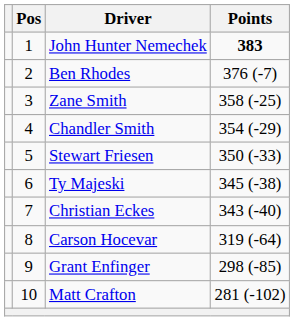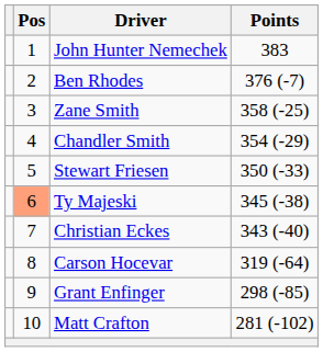 <table class="wikitable" style="font-size: 95%">
 <tr>
 <th></th>
 <th>Pos</th>
 <th>Driver</th>
 <th>Points</th>
 </tr>
 <tr>
 <td align="left"></td>
 <td style="text-align:center;">1</td>
 <td><a href='#'>John Hunter Nemechek</a></td>
-<td style="text-align:center;"><strong>383</strong></td>
+<td style="text-align:center;">383</td>
 </tr>
 <tr>
 <td align="left"></td>
 <td style="text-align:center;">2</td>
 <td><a href='#'>Ben Rhodes</a></td>
 <td style="text-align:center;">376 (-7)</td>
 </tr>
 <tr>
 <td align="left"></td>
 <td style="text-align:center;">3</td>
 <td><a href='#'>Zane Smith</a></td>
 <td style="text-align:center;">358 (-25)</td>
 </tr>
 <tr>
 <td align="left"></td>
 <td style="text-align:center;">4</td>
 <td><a href='#'>Chandler Smith</a></td>
 <td style="text-align:center;">354 (-29)</td>
 </tr>
 <tr>
 <td align="left"></td>
 <td style="text-align:center;">5</td>
 <td><a href='#'>Stewart Friesen</a></td>
 <td style="text-align:center;">350 (-33)</td>
 </tr>
 <tr>
 <td align="left"></td>
-<td style="text-align:center;">6</td>
+<td style="background: lightsalmon; text-align:center;">6</td>
 <td><a href='#'>Ty Majeski</a></td>
 <td style="text-align:center;">345 (-38)</td>
 </tr>
 <tr>
 <td align="left"></td>
 <td style="text-align:center;">7</td>
 <td><a href='#'>Christian Eckes</a></td>
 <td style="text-align:center;">343 (-40)</td>
 </tr>
 <tr>
 <td align="left"></td>
 <td style="text-align:center;">8</td>
 <td><a href='#'>Carson Hocevar</a></td>
 <td style="text-align:center;">319 (-64)</td>
 </tr>
 <tr>
 <td align="left"></td>
 <td style="text-align:center;">9</td>
 <td><a href='#'>Grant Enfinger</a></td>
 <td style="text-align:center;">298 (-85)</td>
 </tr>
 <tr>
 <td align="left"></td>
 <td style="text-align:center;">10</td>
 <td><a href='#'>Matt Crafton</a></td>
 <td style="text-align:center;">281 (-102)</td>
 </tr>
 <tr class="sortbottom">
 <th colspan="9"></th>
 </tr>
 </table>
